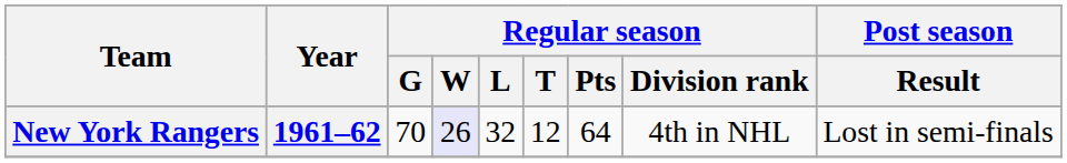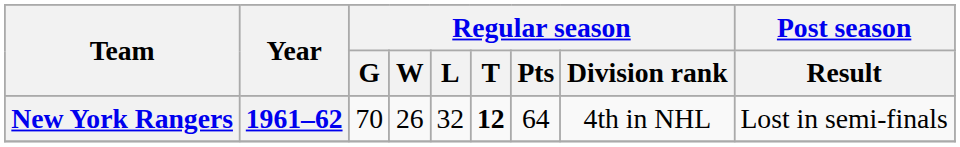 <table class="wikitable" style="font-size: 95%; text-align:center;">
 <tr>
 <th rowspan="2">Team</th>
 <th rowspan="2">Year</th>
 <th colspan="6"><a href='#'>Regular season</a></th>
 <th colspan="1"><a href='#'>Post season</a></th>
 </tr>
 <tr>
 <th>G</th>
 <th>W</th>
 <th>L</th>
 <th>T</th>
 <th>Pts</th>
 <th>Division rank</th>
 <th>Result</th>
 </tr>
 <tr>
 <th><a href='#'>New York Rangers</a></th>
 <th><a href='#'>1961–62</a></th>
 <td>70</td>
-<td style="background: lavender;">26</td>
+<td>26</td>
 <td>32</td>
-<td>12</td>
+<td><strong>12</strong></td>
 <td>64</td>
 <td>4th in NHL</td>
 <td>Lost in semi-finals</td>
 </tr>
 <tr>
 </tr>
 </table>
